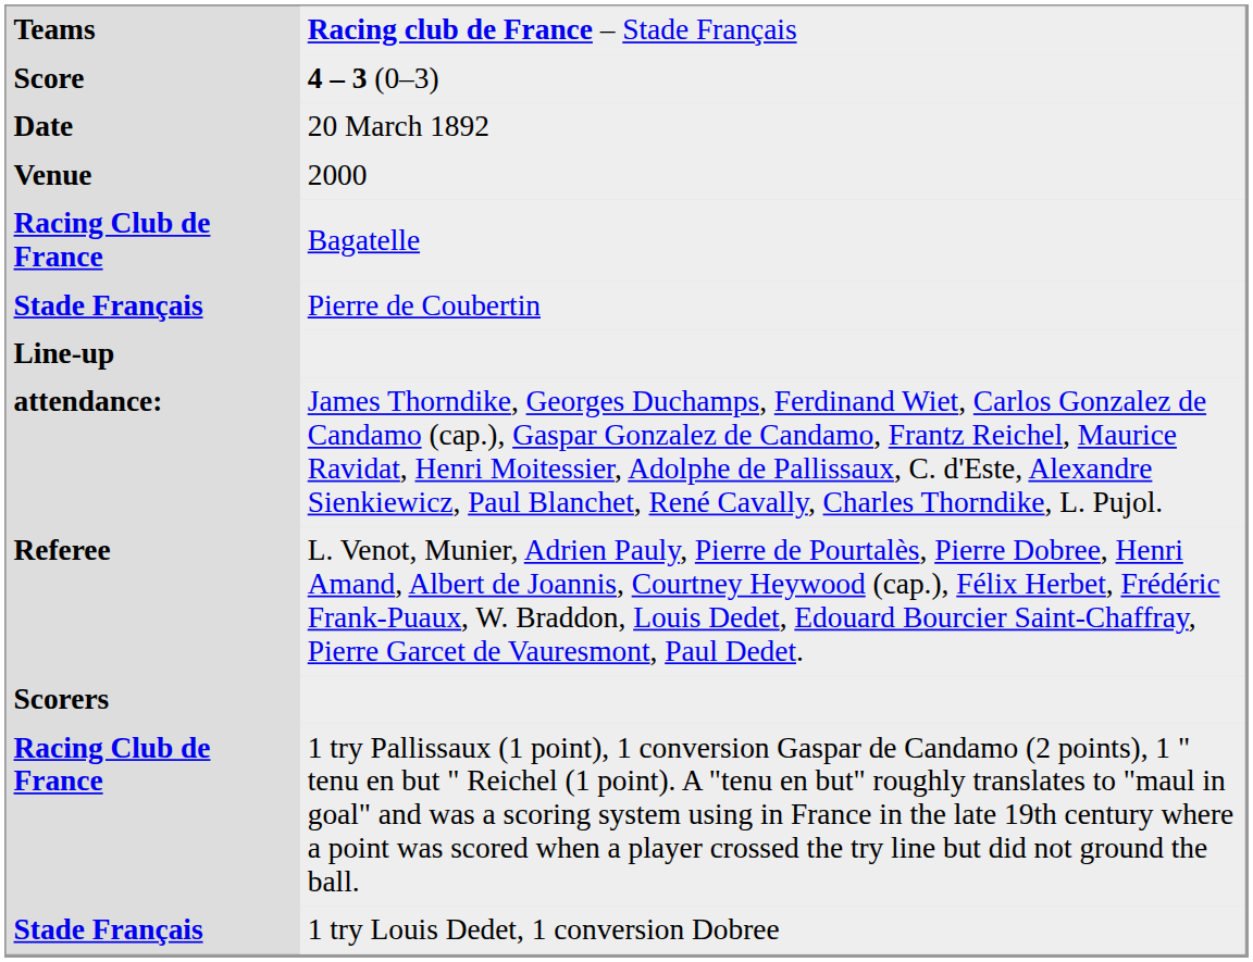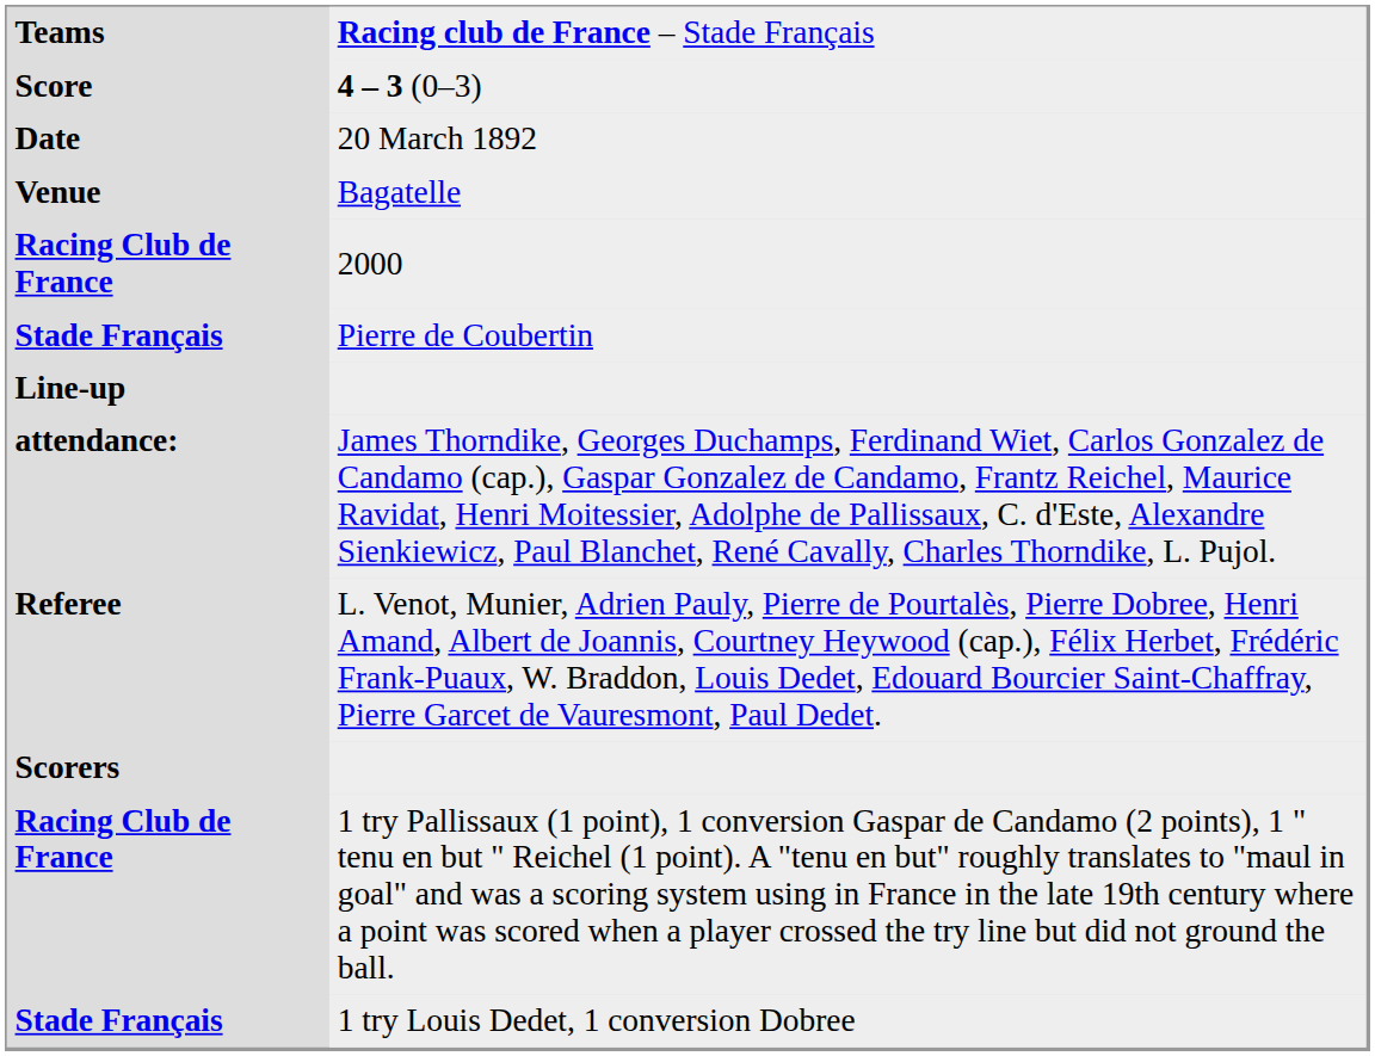 <table align="left" cellpadding="4" cellspacing="0"  style="margin: 0 0 0 0; border: 1px solid #999; border-right-width: 2px; border-bottom-width: 2px; background-color: #DDDDDD">
 <tr>
 <td width="150" valign="top"><strong>Teams</strong></td>
 <td width="500" bgcolor=#EEEEEE><strong><a href='#'>Racing club de France</a></strong> – <a href='#'>Stade Français</a></td>
 </tr>
 <tr>
 <td valign="top"><strong>Score</strong></td>
 <td bgcolor=#EEEEEE><strong>4 – 3</strong> (0–3)</td>
 </tr>
 <tr>
 <td valign="top"><strong>Date</strong></td>
 <td bgcolor=#EEEEEE>20 March 1892</td>
 </tr>
 <tr>
 <td valign="top"><strong>Venue</strong></td>
-<td bgcolor=#EEEEEE>2000</td>
+<td bgcolor=#EEEEEE><a href='#'>Bagatelle</a></td>
 </tr>
 <tr>
 <td valign="top"><strong> <a href='#'>Racing Club de France</a> </strong></td>
-<td bgcolor=#EEEEEE><a href='#'>Bagatelle</a></td>
+<td bgcolor=#EEEEEE>2000</td>
 </tr>
 <tr>
 <td valign="top"><strong><a href='#'>Stade Français</a> </strong></td>
 <td bgcolor=#EEEEEE><a href='#'>Pierre de Coubertin</a></td>
 </tr>
 <tr>
 <td valign="top"><strong>Line-up</strong></td>
 <td bgcolor=#EEEEEE></td>
 </tr>
 <tr>
 <td valign="top"><strong>attendance:</strong></td>
 <td bgcolor=#EEEEEE><a href='#'>James Thorndike</a>, <a href='#'>Georges Duchamps</a>, <a href='#'>Ferdinand Wiet</a>, <a href='#'>Carlos Gonzalez de Candamo</a> (cap.), <a href='#'>Gaspar Gonzalez de Candamo</a>, <a href='#'>Frantz Reichel</a>, <a href='#'>Maurice Ravidat</a>, <a href='#'>Henri Moitessier</a>, <a href='#'>Adolphe de Pallissaux</a>, C. d'Este, <a href='#'>Alexandre Sienkiewicz</a>, <a href='#'>Paul Blanchet</a>, <a href='#'>René Cavally</a>, <a href='#'>Charles Thorndike</a>, L. Pujol.</td>
 </tr>
 <tr>
 <td valign="top"><strong>Referee</strong></td>
 <td bgcolor=#EEEEEE>L. Venot, Munier, <a href='#'>Adrien Pauly</a>, <a href='#'>Pierre de Pourtalès</a>, <a href='#'>Pierre Dobree</a>, <a href='#'>Henri Amand</a>, <a href='#'>Albert de Joannis</a>, <a href='#'>Courtney Heywood</a> (cap.), <a href='#'>Félix Herbet</a>, <a href='#'>Frédéric Frank-Puaux</a>, W. Braddon, <a href='#'>Louis Dedet</a>, <a href='#'>Edouard Bourcier Saint-Chaffray</a>, <a href='#'>Pierre Garcet de Vauresmont</a>, <a href='#'>Paul Dedet</a>.</td>
 </tr>
 <tr>
 <td valign="top"><strong>Scorers</strong></td>
 <td bgcolor=#EEEEEE></td>
 </tr>
 <tr>
 <td valign="top"><strong> <a href='#'>Racing Club de France</a> </strong></td>
 <td bgcolor=#EEEEEE>1 try Pallissaux (1 point), 1 conversion Gaspar de Candamo (2 points), 1 " tenu en but " Reichel (1 point). A "tenu en but" roughly translates to "maul in goal" and was a scoring system using in France in the late 19th century where a point was scored when a player crossed the try line but did not ground the ball.</td>
 </tr>
 <tr>
 <td valign="top"><strong><a href='#'>Stade Français</a> </strong></td>
 <td bgcolor=#EEEEEE>1 try Louis Dedet, 1 conversion Dobree</td>
 </tr>
 </table>
